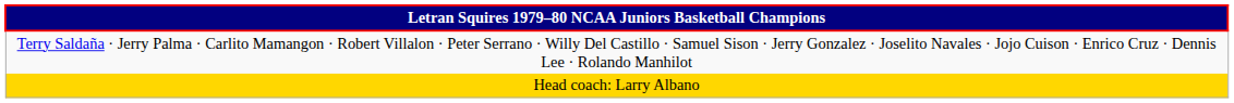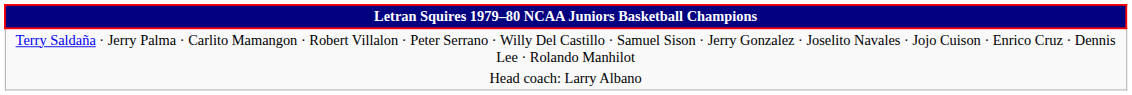 <table class="wikitable" style="text-align: center">
 <tr>
 <th style = "background:#020080; border:2px solid red; color:white">Letran Squires 1979–80 NCAA Juniors Basketball Champions</th>
 </tr>
 <tr>
 <td style="border-style: none none none none;"><a href='#'>Terry Saldaña</a> · Jerry Palma · Carlito Mamangon · Robert Villalon · Peter Serrano · Willy Del Castillo · Samuel Sison · Jerry Gonzalez · Joselito Navales · Jojo Cuison · Enrico Cruz · Dennis Lee · Rolando Manhilot</td>
 </tr>
 <tr>
-<td style="background: gold; border-style: none none none none;">Head coach: Larry Albano</td>
+<td style="border-style: none none none none;">Head coach: Larry Albano</td>
 </tr>
 </table>
